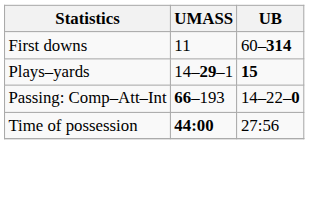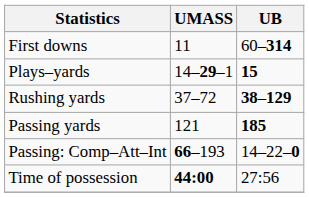 <table class="wikitable" style="float: left;">
 <tr>
 <th>Statistics</th>
 <th>UMASS</th>
 <th>UB</th>
 </tr>
 <tr>
 <td>First downs</td>
 <td>11</td>
 <td>60–<strong>314</strong></td>
 </tr>
 <tr>
 <td>Plays–yards</td>
 <td>14–<strong>29</strong>–1</td>
 <td><strong>15</strong></td>
 </tr>
 <tr>
+<td>Rushing yards</td>
+<td>37–72</td>
+<td><strong>38</strong>–<strong>129</strong></td>
+</tr>
+<tr>
+<td>Passing yards</td>
+<td>121</td>
+<td><strong>185</strong></td>
+</tr>
+<tr>
 <td>Passing: Comp–Att–Int</td>
 <td><strong>66</strong>–193</td>
 <td>14–22–<strong>0</strong></td>
 </tr>
 <tr>
 <td>Time of possession</td>
 <td><strong>44:00</strong></td>
 <td>27:56</td>
 </tr>
 <tr>
 </tr>
 </table>
